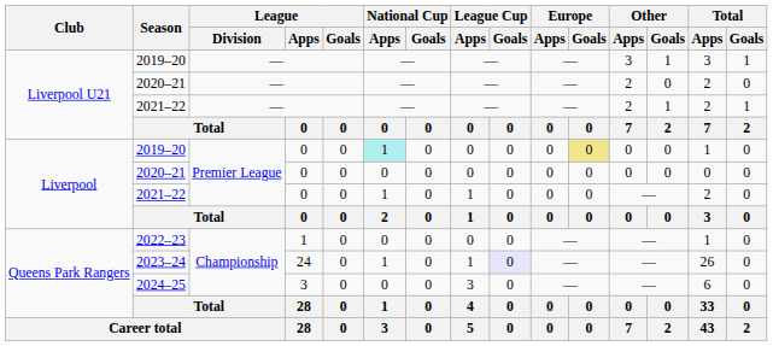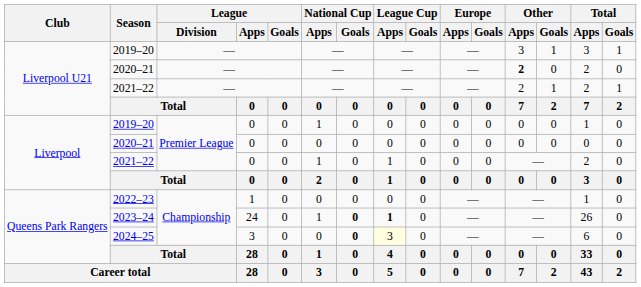 <table class="wikitable" style="text-align:center">
 <tr>
 <th rowspan="2">Club</th>
 <th rowspan="2">Season</th>
 <th colspan="3">League</th>
 <th colspan="2">National Cup</th>
 <th colspan="2">League Cup</th>
 <th colspan="2">Europe</th>
 <th colspan="2">Other</th>
 <th colspan="2">Total</th>
 </tr>
 <tr>
 <th>Division</th>
 <th>Apps</th>
 <th>Goals</th>
 <th>Apps</th>
 <th>Goals</th>
 <th>Apps</th>
 <th>Goals</th>
 <th>Apps</th>
 <th>Goals</th>
 <th>Apps</th>
 <th>Goals</th>
 <th>Apps</th>
 <th>Goals</th>
 </tr>
 <tr>
 <td rowspan="4"><a href='#'>Liverpool U21</a></td>
 <td>2019–20</td>
 <td colspan="3">—</td>
 <td colspan="2">—</td>
 <td colspan="2">—</td>
 <td colspan="2">—</td>
 <td>3</td>
 <td>1</td>
 <td>3</td>
 <td>1</td>
 </tr>
 <tr>
 <td>2020–21</td>
 <td colspan="3">—</td>
 <td colspan="2">—</td>
 <td colspan="2">—</td>
 <td colspan="2">—</td>
-<td>2</td>
+<td><strong>2</strong></td>
 <td>0</td>
 <td>2</td>
 <td>0</td>
 </tr>
 <tr>
 <td>2021–22</td>
 <td colspan="3">—</td>
 <td colspan="2">—</td>
 <td colspan="2">—</td>
 <td colspan="2">—</td>
 <td>2</td>
 <td>1</td>
 <td>2</td>
 <td>1</td>
 </tr>
 <tr>
 <th colspan="2">Total</th>
 <th>0</th>
 <th>0</th>
 <th>0</th>
 <th>0</th>
 <th>0</th>
 <th>0</th>
 <th>0</th>
 <th>0</th>
 <th>7</th>
 <th>2</th>
 <th>7</th>
 <th>2</th>
 </tr>
 <tr>
 <td rowspan="4"><a href='#'>Liverpool</a></td>
 <td><a href='#'>2019–20</a></td>
 <td rowspan="3"><a href='#'>Premier League</a></td>
 <td>0</td>
 <td>0</td>
-<td style="background: paleturquoise;">1</td>
+<td>1</td>
 <td>0</td>
 <td>0</td>
 <td>0</td>
 <td>0</td>
-<td style="background: khaki;">0</td>
+<td>0</td>
 <td>0</td>
 <td>0</td>
 <td>1</td>
 <td>0</td>
 </tr>
 <tr>
 <td><a href='#'>2020–21</a></td>
 <td>0</td>
 <td>0</td>
 <td>0</td>
 <td>0</td>
 <td>0</td>
 <td>0</td>
 <td>0</td>
 <td>0</td>
 <td>0</td>
 <td>0</td>
 <td>0</td>
 <td>0</td>
 </tr>
 <tr>
 <td><a href='#'>2021–22</a></td>
 <td>0</td>
 <td>0</td>
 <td>1</td>
 <td>0</td>
 <td>1</td>
 <td>0</td>
 <td>0</td>
 <td>0</td>
 <td colspan="2">—</td>
 <td>2</td>
 <td>0</td>
 </tr>
 <tr>
 <th colspan="2">Total</th>
 <th>0</th>
 <th>0</th>
 <th>2</th>
 <th>0</th>
 <th>1</th>
 <th>0</th>
 <th>0</th>
 <th>0</th>
 <th>0</th>
 <th>0</th>
 <th>3</th>
 <th>0</th>
 </tr>
 <tr>
 <td rowspan="4"><a href='#'>Queens Park Rangers</a></td>
 <td><a href='#'>2022–23</a></td>
 <td rowspan="3"><a href='#'>Championship</a></td>
 <td>1</td>
 <td>0</td>
 <td>0</td>
 <td>0</td>
 <td>0</td>
 <td>0</td>
 <td colspan="2">—</td>
 <td colspan="2">—</td>
 <td>1</td>
 <td>0</td>
 </tr>
 <tr>
 <td><a href='#'>2023–24</a></td>
 <td>24</td>
 <td>0</td>
 <td>1</td>
+<td><strong>0</strong></td>
+<td><strong>1</strong></td>
 <td>0</td>
-<td>1</td>
-<td style="background: lavender;">0</td>
 <td colspan="2">—</td>
 <td colspan="2">—</td>
 <td>26</td>
 <td>0</td>
 </tr>
 <tr>
 <td><a href='#'>2024–25</a></td>
 <td>3</td>
 <td>0</td>
 <td>0</td>
-<td>0</td>
-<td>3</td>
+<td><strong>0</strong></td>
+<td style="background: lightyellow;">3</td>
 <td>0</td>
 <td colspan="2">—</td>
 <td colspan="2">—</td>
 <td>6</td>
 <td>0</td>
 </tr>
 <tr>
 <th colspan="2">Total</th>
 <th>28</th>
 <th>0</th>
 <th>1</th>
 <th>0</th>
 <th>4</th>
 <th>0</th>
 <th>0</th>
 <th>0</th>
 <th>0</th>
 <th>0</th>
 <th>33</th>
 <th>0</th>
 </tr>
 <tr>
 <th colspan="3">Career total</th>
 <th>28</th>
 <th>0</th>
 <th>3</th>
 <th>0</th>
 <th>5</th>
 <th>0</th>
 <th>0</th>
 <th>0</th>
 <th>7</th>
 <th>2</th>
 <th>43</th>
 <th>2</th>
 </tr>
 </table>
